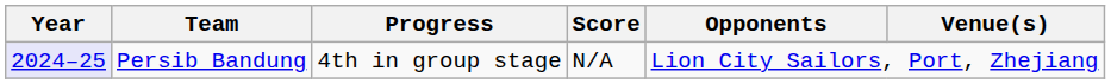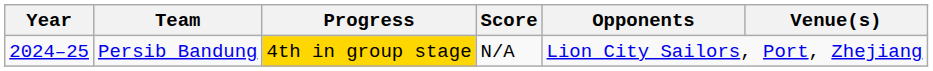 <table class="wikitable">
 <tr>
 <th>Year</th>
 <th>Team</th>
 <th>Progress</th>
 <th>Score</th>
 <th>Opponents</th>
 <th>Venue(s)</th>
 </tr>
 <tr>
-<td style="background: lavender;"><a href='#'>2024–25</a></td>
+<td><a href='#'>2024–25</a></td>
 <td><a href='#'>Persib Bandung</a></td>
-<td>4th in group stage</td>
+<td style="background: gold;">4th in group stage</td>
 <td>N/A</td>
 <td colspan="2"> <a href='#'>Lion City Sailors</a>,  <a href='#'>Port</a>,  <a href='#'>Zhejiang</a></td>
 </tr>
 </table>
